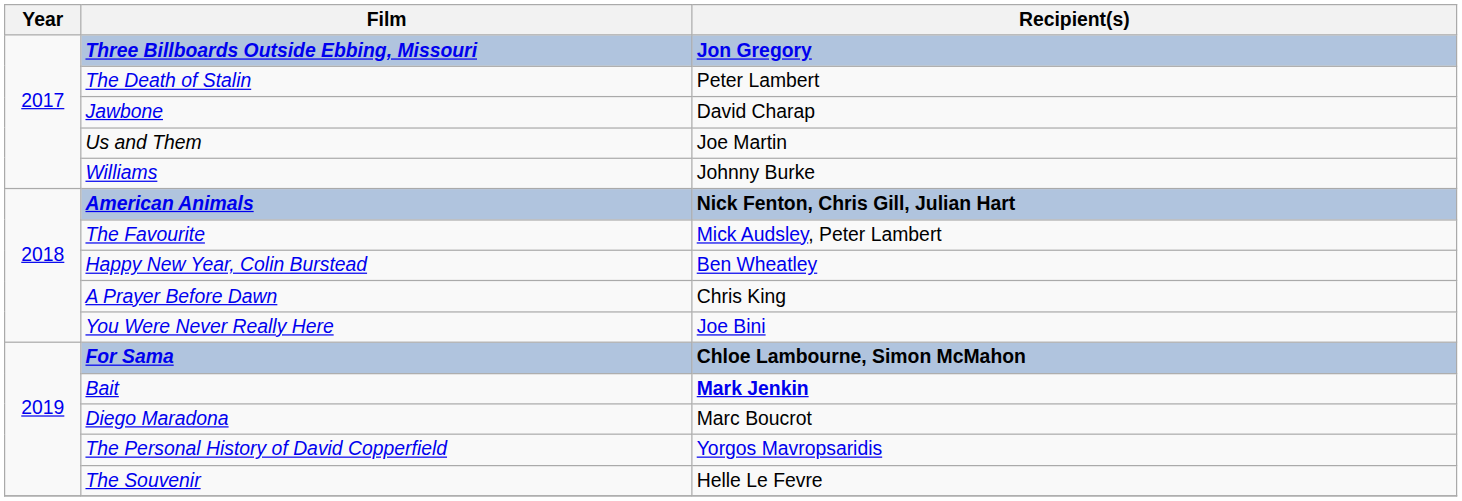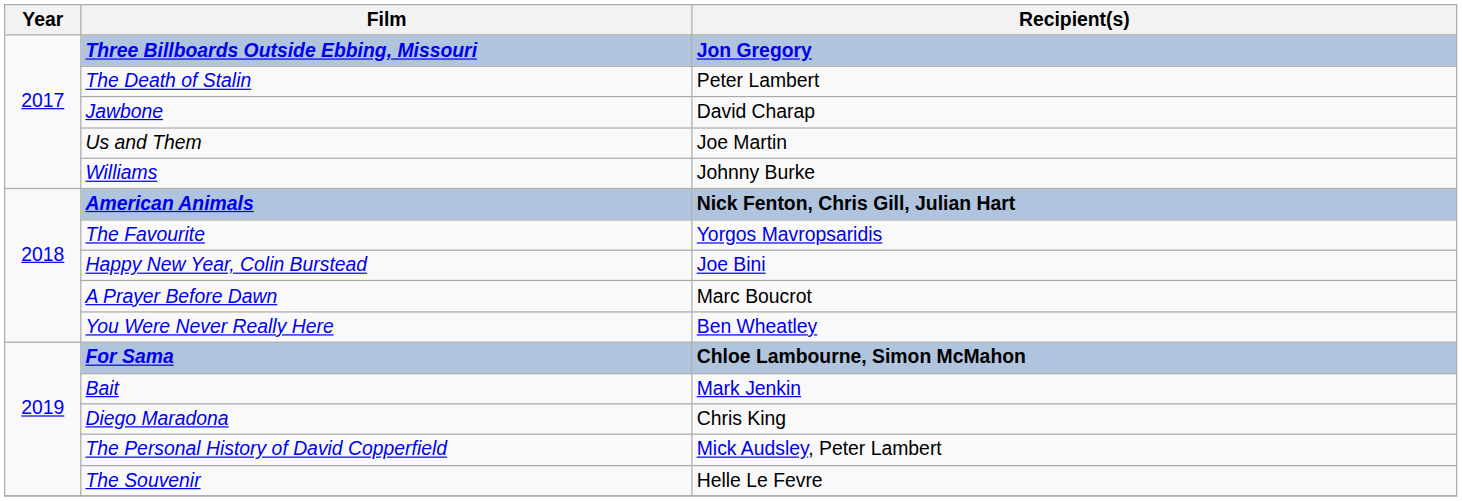 <table class="wikitable" width="95%" cellpadding="5">
 <tr>
 <th width="5%">Year</th>
 <th width="40%">Film</th>
 <th width="50%">Recipient(s)</th>
 </tr>
 <tr>
 <td rowspan="5" style="text-align:center;"><a href='#'>2017</a> <br><br></td>
 <td style="background:#B0C4DE"><strong><em><a href='#'>Three Billboards Outside Ebbing, Missouri</a></em></strong></td>
 <td style="background:#B0C4DE"><strong><a href='#'>Jon Gregory</a></strong></td>
 </tr>
 <tr>
 <td><em><a href='#'>The Death of Stalin</a></em></td>
 <td>Peter Lambert</td>
 </tr>
 <tr>
 <td><em><a href='#'>Jawbone</a></em></td>
 <td>David Charap</td>
 </tr>
 <tr>
 <td><em>Us and Them</em></td>
 <td>Joe Martin</td>
 </tr>
 <tr>
 <td><em><a href='#'>Williams</a></em></td>
 <td>Johnny Burke</td>
 </tr>
 <tr>
 <td rowspan="5" style="text-align:center;"><a href='#'>2018</a> <br><br></td>
 <td style="background:#B0C4DE"><strong><em><a href='#'>American Animals</a></em></strong></td>
 <td style="background:#B0C4DE"><strong>Nick Fenton, Chris Gill, Julian Hart</strong></td>
 </tr>
 <tr>
 <td><em><a href='#'>The Favourite</a></em></td>
-<td><a href='#'>Mick Audsley</a>, Peter Lambert</td>
+<td><a href='#'>Yorgos Mavropsaridis</a></td>
 </tr>
 <tr>
 <td><em><a href='#'>Happy New Year, Colin Burstead</a></em></td>
-<td><a href='#'>Ben Wheatley</a></td>
+<td><a href='#'>Joe Bini</a></td>
 </tr>
 <tr>
 <td><em><a href='#'>A Prayer Before Dawn</a></em></td>
-<td>Chris King</td>
+<td>Marc Boucrot</td>
 </tr>
 <tr>
 <td><em><a href='#'>You Were Never Really Here</a></em></td>
-<td><a href='#'>Joe Bini</a></td>
+<td><a href='#'>Ben Wheatley</a></td>
 </tr>
 <tr>
 <td rowspan="5" style="text-align:center;"><a href='#'>2019</a> <br><br></td>
 <td style="background:#B0C4DE"><strong><em><a href='#'>For Sama</a></em></strong></td>
 <td style="background:#B0C4DE"><strong>Chloe Lambourne, Simon McMahon</strong></td>
 </tr>
 <tr>
 <td><em><a href='#'>Bait</a></em></td>
-<td><strong><a href='#'>Mark Jenkin</a></strong></td>
+<td><a href='#'>Mark Jenkin</a></td>
 </tr>
 <tr>
 <td><em><a href='#'>Diego Maradona</a></em></td>
-<td>Marc Boucrot</td>
+<td>Chris King</td>
 </tr>
 <tr>
 <td><em><a href='#'>The Personal History of David Copperfield</a></em></td>
-<td><a href='#'>Yorgos Mavropsaridis</a></td>
+<td><a href='#'>Mick Audsley</a>, Peter Lambert</td>
 </tr>
 <tr>
 <td><em><a href='#'>The Souvenir</a></em></td>
 <td>Helle Le Fevre</td>
 </tr>
 <tr>
 </tr>
 </table>
